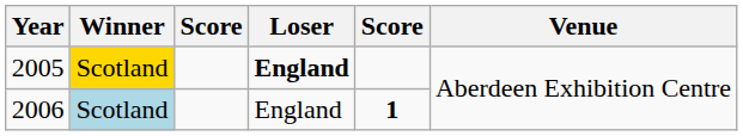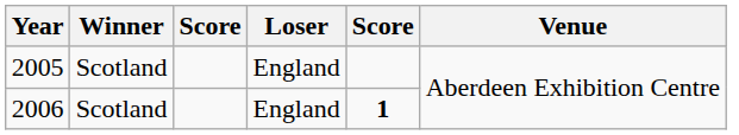 <table class="wikitable">
 <tr>
 <th>Year</th>
 <th>Winner</th>
 <th>Score</th>
 <th>Loser</th>
 <th>Score</th>
 <th>Venue</th>
 </tr>
 <tr>
 <td>2005</td>
-<td style="background: gold;"> Scotland</td>
+<td> Scotland</td>
 <td align="center"></td>
-<td><strong> England</strong></td>
+<td> England</td>
 <td align="center"></td>
 <td rowspan="2">Aberdeen Exhibition Centre</td>
 </tr>
 <tr>
 <td>2006</td>
-<td style="background: lightblue;"> Scotland</td>
+<td> Scotland</td>
 <td align="center"></td>
 <td> England</td>
 <td align="center"><strong>1</strong></td>
 </tr>
 </table>
